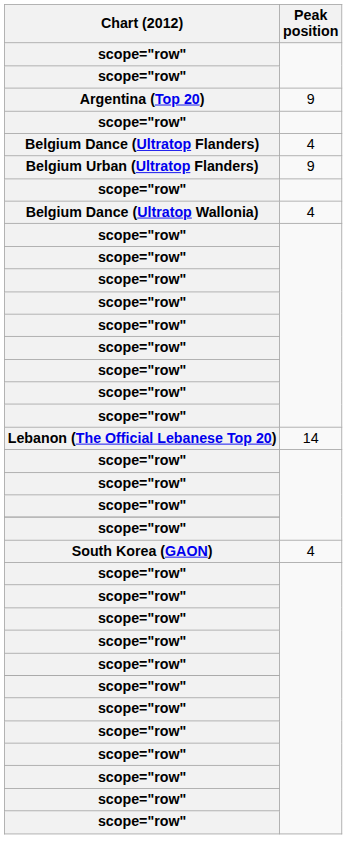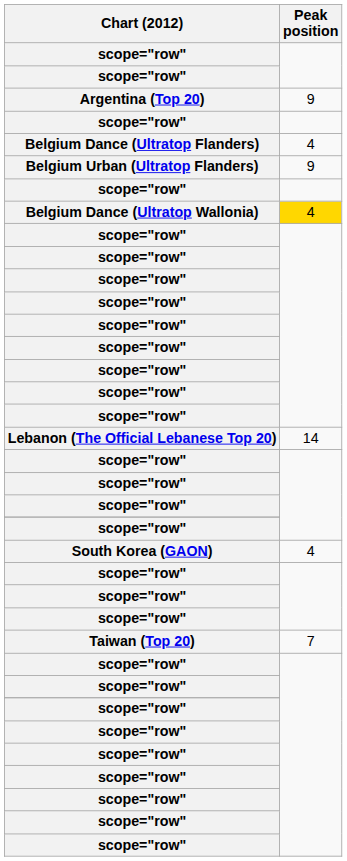 <table class="wikitable sortable plainrowheaders" style="text-align:center">
 <tr>
 <th scope="col">Chart (2012)</th>
 <th scope="col">Peak<br>position</th>
 </tr>
 <tr>
 <th>scope="row"</th>
 </tr>
 <tr>
 <th>scope="row"</th>
 </tr>
 <tr>
 <th scope="row">Argentina (<a href='#'>Top 20</a>)</th>
 <td align="center">9</td>
 </tr>
 <tr>
 <th>scope="row"</th>
 </tr>
 <tr>
 <th scope="row">Belgium Dance (<a href='#'>Ultratop</a> Flanders)</th>
 <td style="text-align:center;">4</td>
 </tr>
 <tr>
 <th scope="row">Belgium Urban (<a href='#'>Ultratop</a> Flanders)</th>
 <td style="text-align:center;">9</td>
 </tr>
 <tr>
 <th>scope="row"</th>
 </tr>
 <tr>
 <th scope="row">Belgium Dance (<a href='#'>Ultratop</a> Wallonia)</th>
-<td style="text-align:center;">4</td>
+<td style="background: gold; text-align:center;">4</td>
 </tr>
 <tr>
 <th>scope="row"</th>
 </tr>
 <tr>
 <th>scope="row"</th>
 </tr>
 <tr>
 <th>scope="row"</th>
 </tr>
 <tr>
 <th>scope="row"</th>
 </tr>
 <tr>
 <th>scope="row"</th>
 </tr>
 <tr>
 <th>scope="row"</th>
 </tr>
 <tr>
 <th>scope="row"</th>
 </tr>
 <tr>
 <th>scope="row"</th>
 </tr>
 <tr>
 <th>scope="row"</th>
 </tr>
 <tr>
 <th scope="row">Lebanon (<a href='#'>The Official Lebanese Top 20</a>)</th>
 <td style="text-align:center;">14</td>
 </tr>
 <tr>
 <th>scope="row"</th>
 </tr>
 <tr>
 <th>scope="row"</th>
 </tr>
 <tr>
 <th>scope="row"</th>
 </tr>
 <tr>
 </tr>
 <tr>
 <th>scope="row"</th>
 </tr>
 <tr>
 <th scope="row">South Korea (<a href='#'>GAON</a>)</th>
 <td style="text-align:center;">4</td>
 </tr>
 <tr>
 <th>scope="row"</th>
 </tr>
 <tr>
 <th>scope="row"</th>
 </tr>
 <tr>
 <th>scope="row"</th>
 </tr>
 <tr>
+<th scope="row">Taiwan (<a href='#'>Top 20</a>)</th>
+<td align="center">7</td>
+</tr>
+<tr>
 <th>scope="row"</th>
 </tr>
 <tr>
 <th>scope="row"</th>
 </tr>
 <tr>
 </tr>
 <tr>
 <th>scope="row"</th>
 </tr>
 <tr>
 <th>scope="row"</th>
 </tr>
 <tr>
 <th>scope="row"</th>
 </tr>
 <tr>
 <th>scope="row"</th>
 </tr>
 <tr>
 <th>scope="row"</th>
 </tr>
 <tr>
 <th>scope="row"</th>
 </tr>
 <tr>
 <th>scope="row"</th>
 </tr>
 </table>
